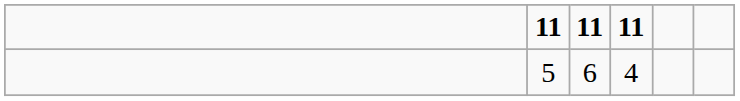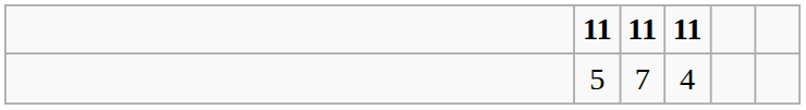 <table class="wikitable">
 <tr>
 <td style="width:18em"></td>
 <td align=center style="width:1em"><strong>11</strong></td>
 <td align=center style="width:1em"><strong>11</strong></td>
 <td align=center style="width:1em"><strong>11</strong></td>
 <td align=center style="width:1em"></td>
 <td align=center style="width:1em"></td>
 </tr>
 <tr>
 <td style="width:18em"></td>
 <td align=center style="width:1em">5</td>
-<td align=center style="width:1em">6</td>
+<td align=center style="width:1em">7</td>
 <td align=center style="width:1em">4</td>
 <td align=center style="width:1em"></td>
 <td align=center style="width:1em"></td>
 </tr>
 </table>
